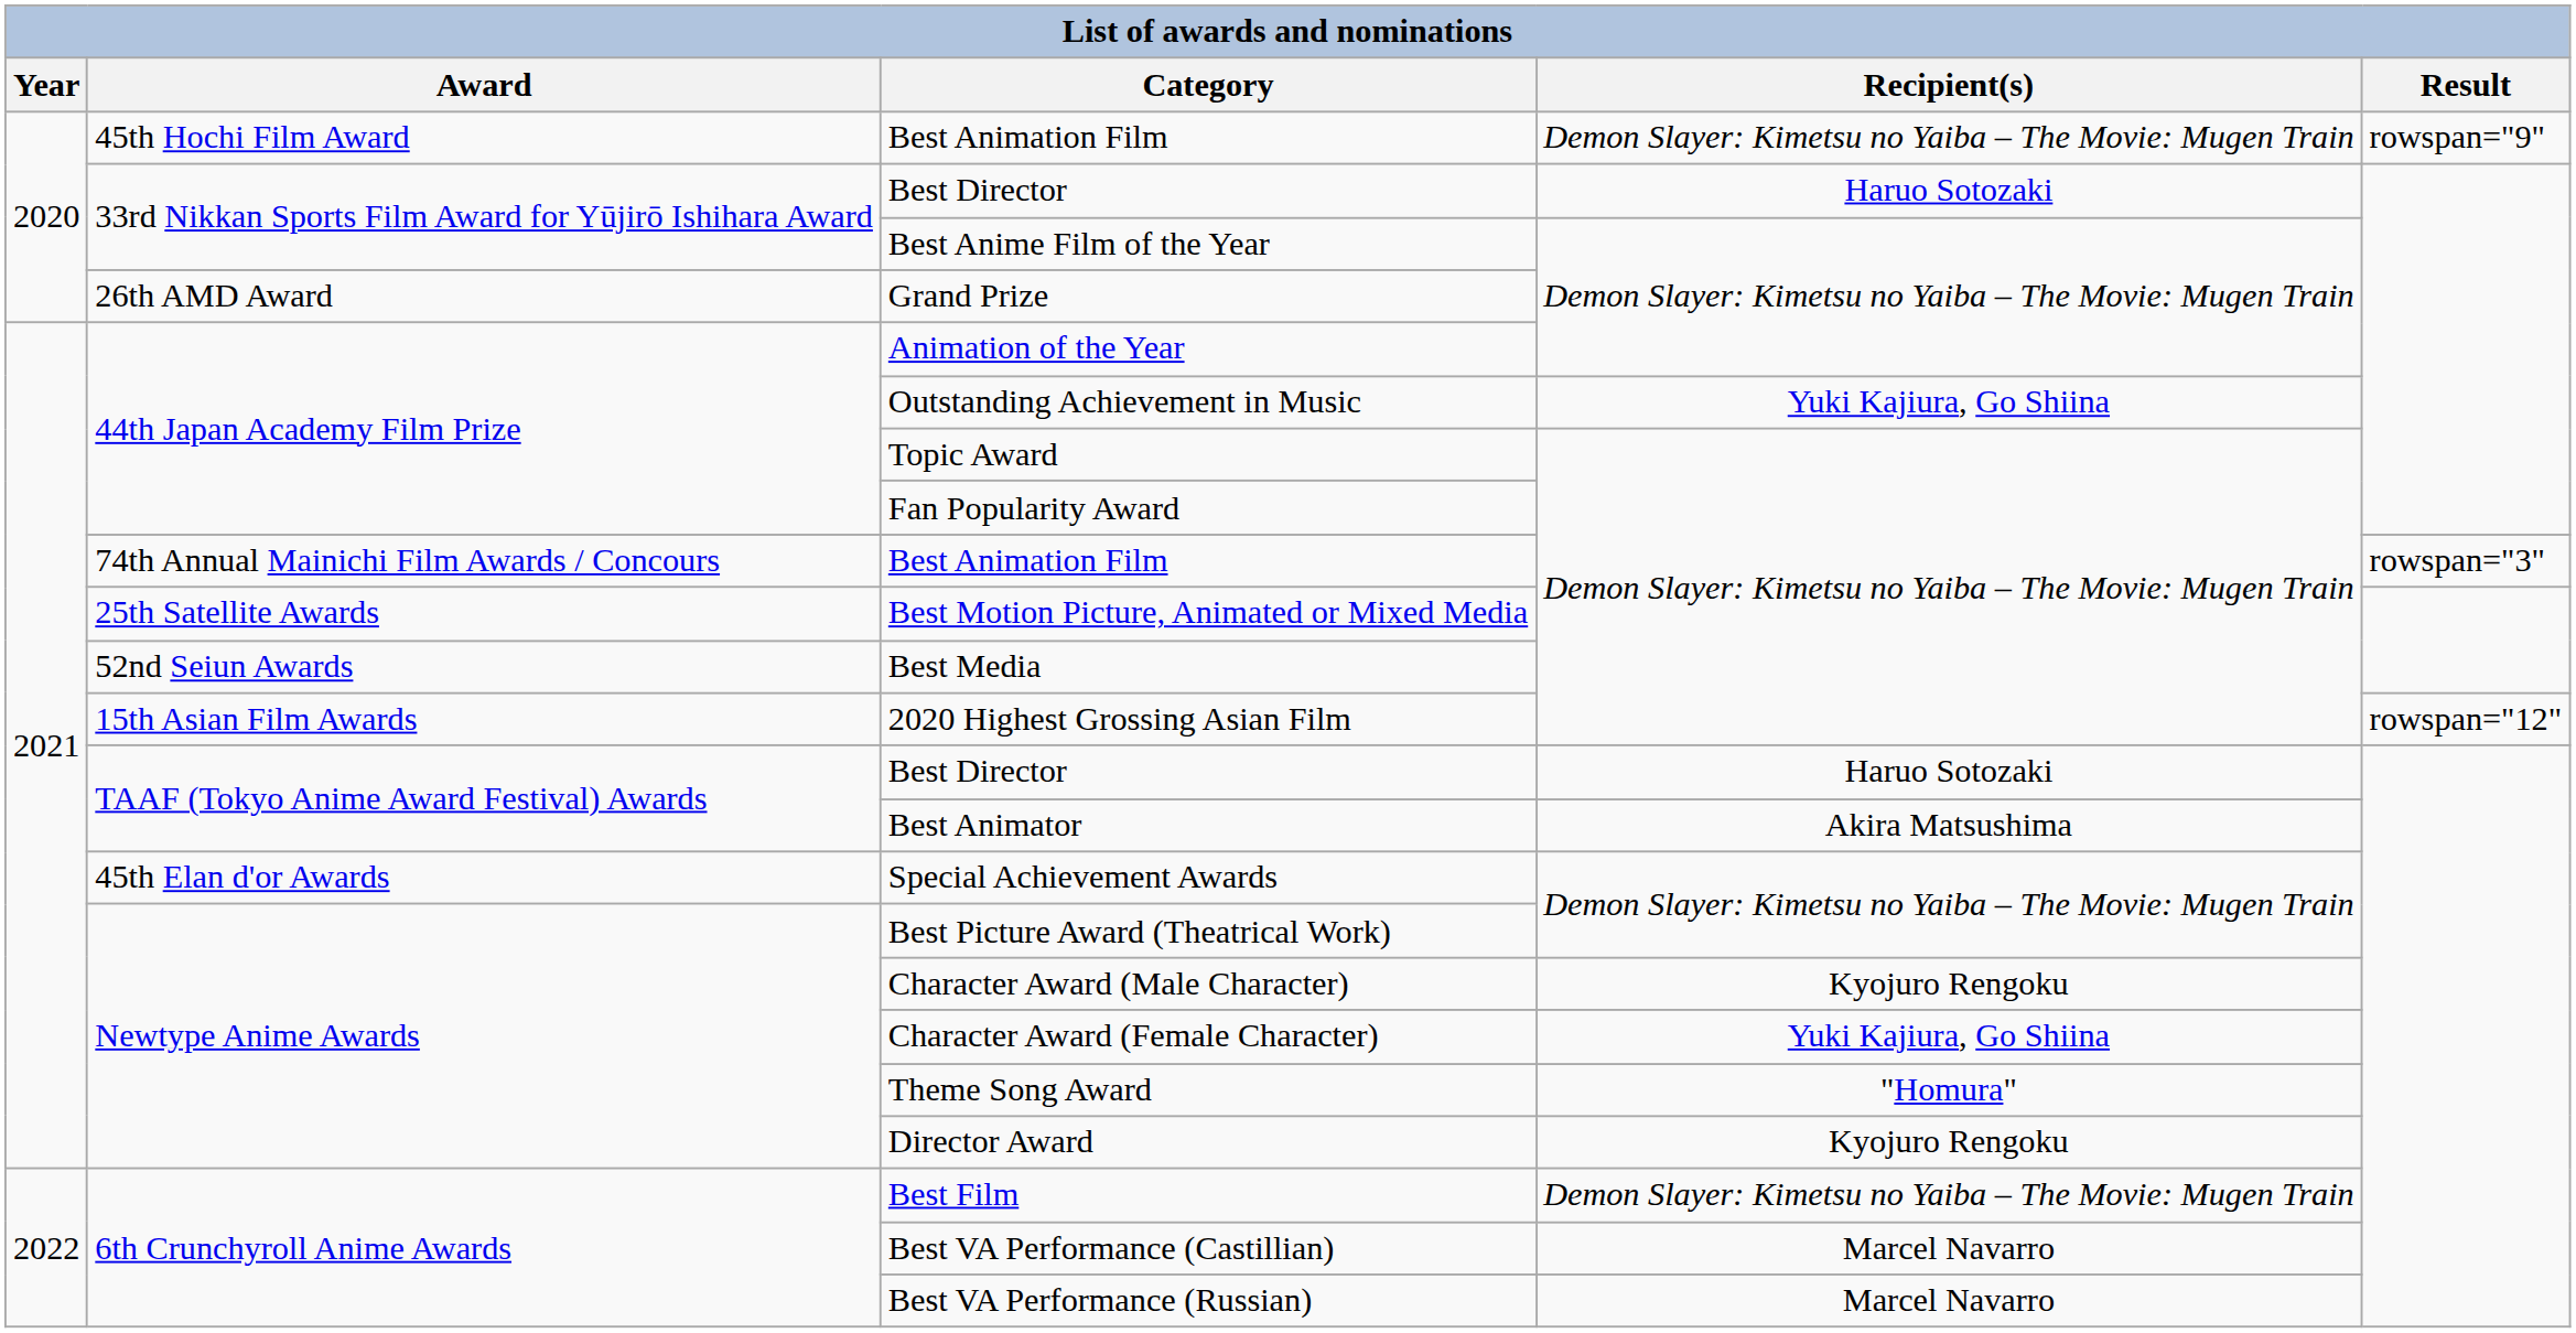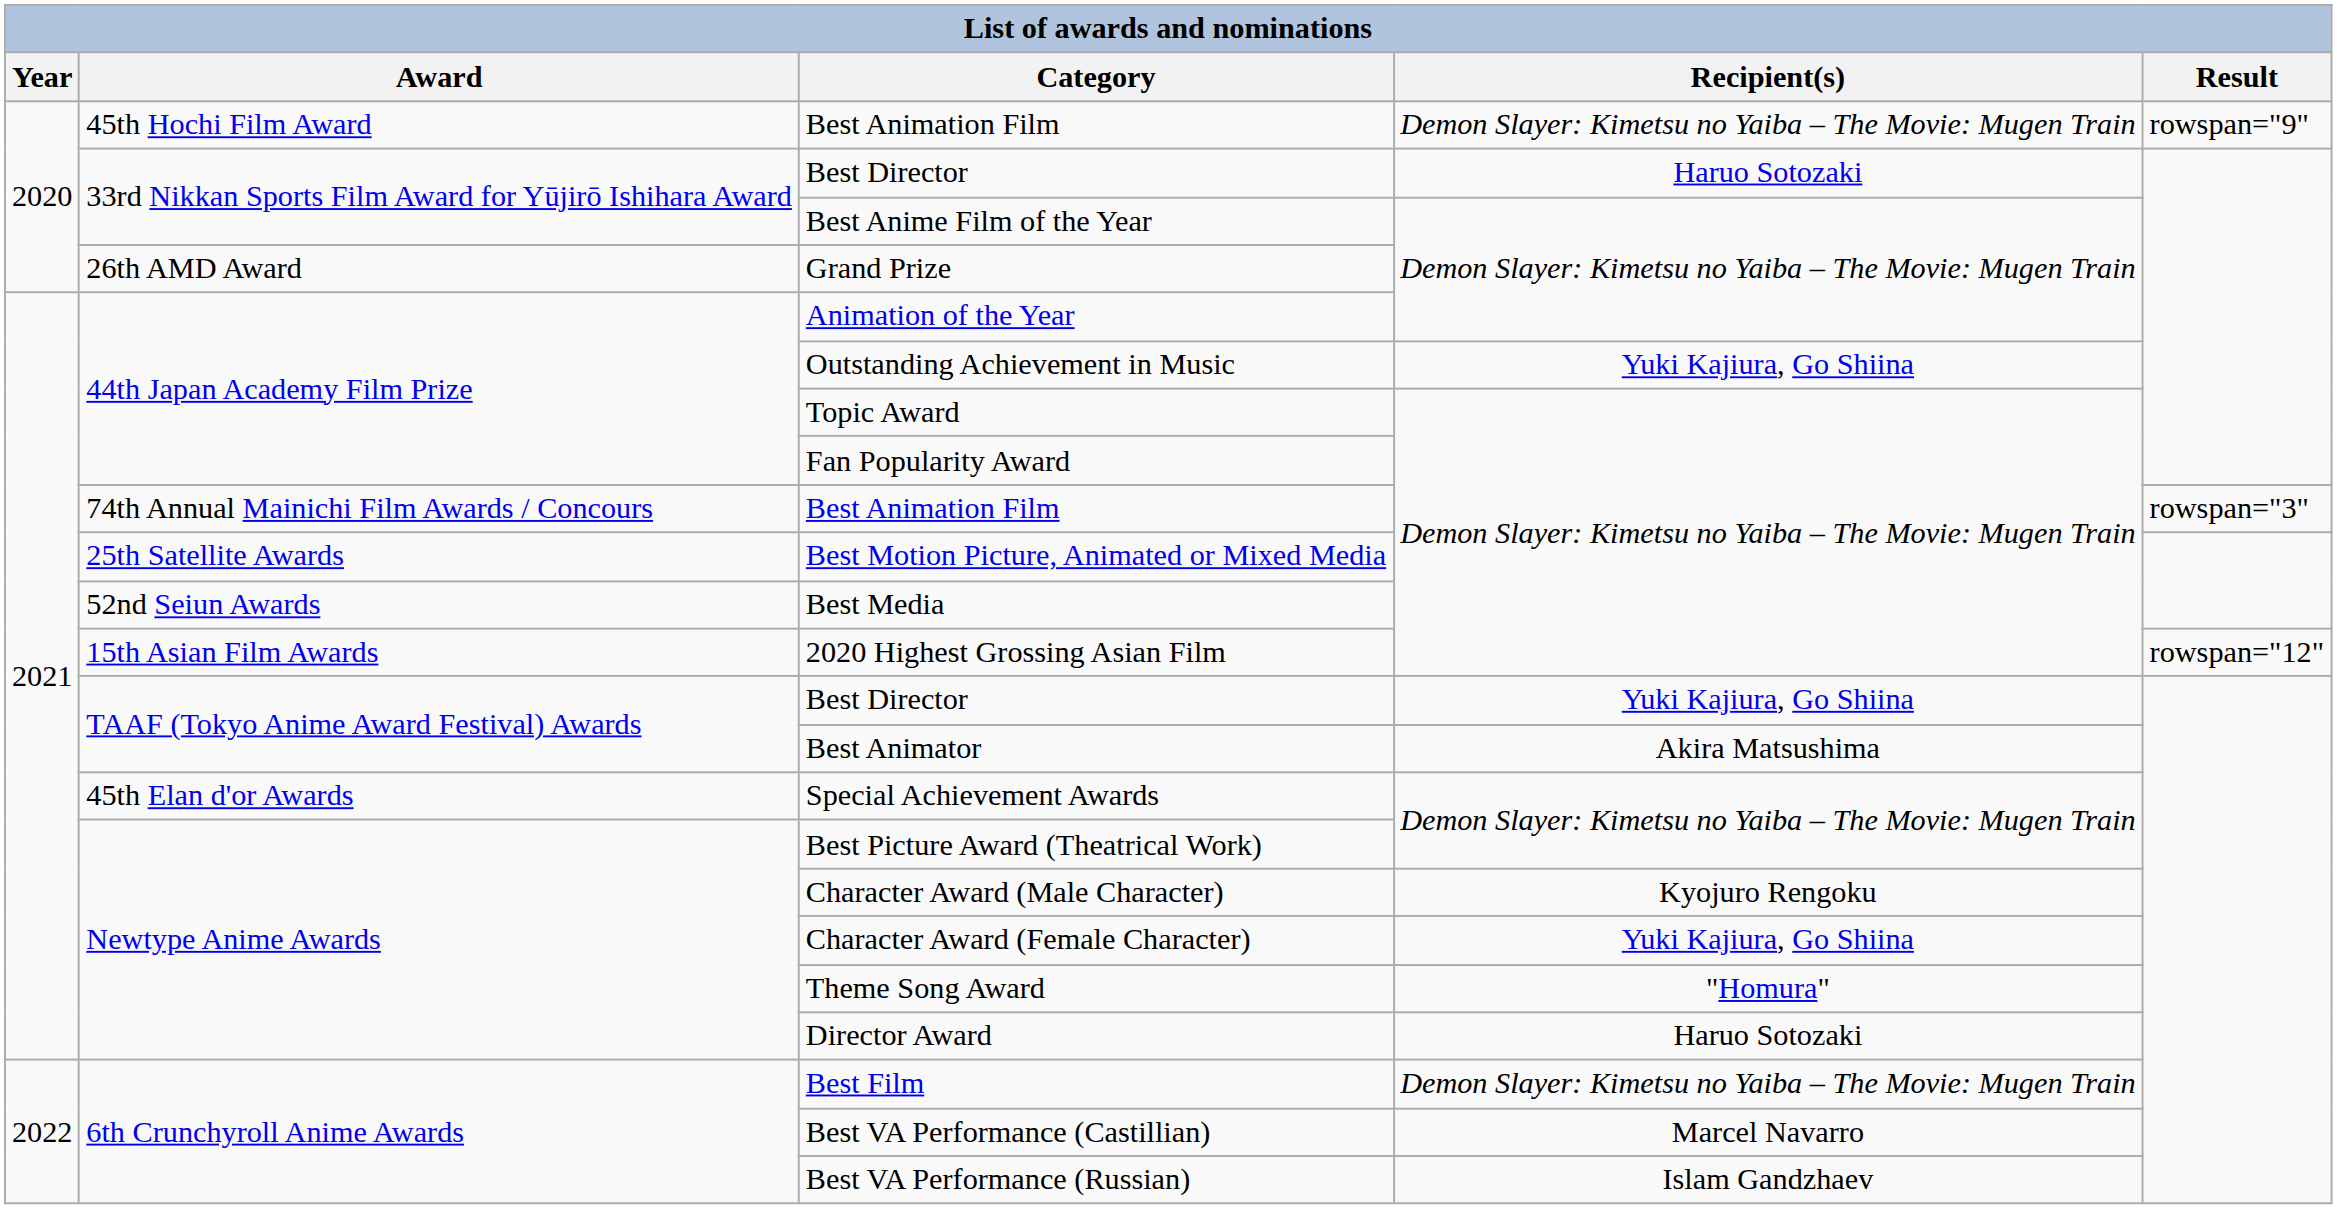 <table class="wikitable sortable">
 <tr style="background:#ccc; text-align:center;">
 <th colspan="5" style="background: LightSteelBlue;">List of awards and nominations</th>
 </tr>
 <tr style="background:#ccc; text-align:center;">
 <th>Year</th>
 <th>Award</th>
 <th>Category</th>
 <th>Recipient(s)</th>
 <th>Result</th>
 </tr>
 <tr>
 <td rowspan="5">2020</td>
 <td>45th <a href='#'>Hochi Film Award</a></td>
 <td rowspan="2">Best Animation Film</td>
 <td rowspan="2" style="text-align:center"><em>Demon Slayer: Kimetsu no Yaiba – The Movie: Mugen Train</em></td>
 <td>rowspan="9" </td>
 </tr>
 <tr>
 <td rowspan="3">33rd <a href='#'>Nikkan Sports Film Award for Yūjirō Ishihara Award</a></td>
 </tr>
 <tr>
 <td>Best Director</td>
 <td style="text-align:center"><a href='#'>Haruo Sotozaki</a></td>
 </tr>
 <tr>
 <td>Best Anime Film of the Year</td>
 <td rowspan="3" style="text-align:center"><em>Demon Slayer: Kimetsu no Yaiba – The Movie: Mugen Train</em></td>
 </tr>
 <tr>
 <td>26th AMD Award</td>
 <td>Grand Prize</td>
 </tr>
 <tr>
 <td rowspan="16">2021</td>
 <td rowspan="4"><a href='#'>44th Japan Academy Film Prize</a></td>
 <td><a href='#'>Animation of the Year</a></td>
 </tr>
 <tr>
 <td>Outstanding Achievement in Music</td>
 <td style="text-align:center"><a href='#'>Yuki Kajiura</a>, <a href='#'>Go Shiina</a></td>
 </tr>
 <tr>
 <td>Topic Award</td>
 <td rowspan="6" style="text-align:center"><em>Demon Slayer: Kimetsu no Yaiba – The Movie: Mugen Train</em></td>
 </tr>
 <tr>
 <td>Fan Popularity Award</td>
 </tr>
 <tr>
 <td>74th Annual <a href='#'>Mainichi Film Awards / Concours</a></td>
 <td><a href='#'>Best Animation Film</a></td>
 <td>rowspan="3" </td>
 </tr>
 <tr>
 <td><a href='#'>25th Satellite Awards</a></td>
 <td><a href='#'>Best Motion Picture, Animated or Mixed Media</a></td>
 </tr>
 <tr>
 <td>52nd <a href='#'>Seiun Awards</a></td>
 <td>Best Media</td>
 </tr>
 <tr>
 <td><a href='#'>15th Asian Film Awards</a></td>
 <td>2020 Highest Grossing Asian Film</td>
 <td>rowspan="12" </td>
 </tr>
 <tr>
 <td rowspan="2"><a href='#'>TAAF (Tokyo Anime Award Festival) Awards</a></td>
 <td>Best Director</td>
-<td style="text-align:center">Haruo Sotozaki</td>
+<td style="text-align:center"><a href='#'>Yuki Kajiura</a>, <a href='#'>Go Shiina</a></td>
 </tr>
 <tr>
 <td>Best Animator</td>
 <td style="text-align:center">Akira Matsushima</td>
 </tr>
 <tr>
 <td>45th <a href='#'>Elan d'or Awards</a></td>
 <td>Special Achievement Awards</td>
 <td rowspan="2" style="text-align:center"><em>Demon Slayer: Kimetsu no Yaiba – The Movie: Mugen Train</em></td>
 </tr>
 <tr>
 <td rowspan="5"><a href='#'>Newtype Anime Awards</a></td>
 <td>Best Picture Award (Theatrical Work)</td>
 </tr>
 <tr>
 <td>Character Award (Male Character)</td>
 <td style="text-align:center">Kyojuro Rengoku</td>
 </tr>
 <tr>
 <td>Character Award (Female Character)</td>
 <td style="text-align:center"><a href='#'>Yuki Kajiura</a>, <a href='#'>Go Shiina</a></td>
 </tr>
 <tr>
 <td>Theme Song Award</td>
 <td style="text-align:center">"<a href='#'>Homura</a>"</td>
 </tr>
 <tr>
 <td>Director Award</td>
-<td style="text-align:center">Kyojuro Rengoku</td>
+<td style="text-align:center">Haruo Sotozaki</td>
 </tr>
 <tr>
 <td rowspan="3">2022</td>
 <td rowspan="3"><a href='#'>6th Crunchyroll Anime Awards</a></td>
 <td><a href='#'>Best Film</a></td>
 <td style="text-align:center"><em>Demon Slayer: Kimetsu no Yaiba – The Movie: Mugen Train</em></td>
 </tr>
 <tr>
 <td>Best VA Performance (Castillian)</td>
 <td style="text-align:center">Marcel Navarro </td>
 </tr>
 <tr>
 <td>Best VA Performance (Russian)</td>
-<td style="text-align:center">Marcel Navarro </td>
+<td style="text-align:center">Islam Gandzhaev </td>
 </tr>
 </table>
